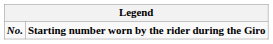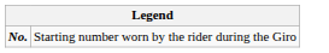 <table class="wikitable">
 <tr>
 <th colspan=2>Legend</th>
 </tr>
 <tr>
 <td align=center><strong><em>No.</em></strong></td>
-<td><strong>Starting number worn by the rider during the Giro</strong></td>
+<td>Starting number worn by the rider during the Giro</td>
 </tr>
 </table>
